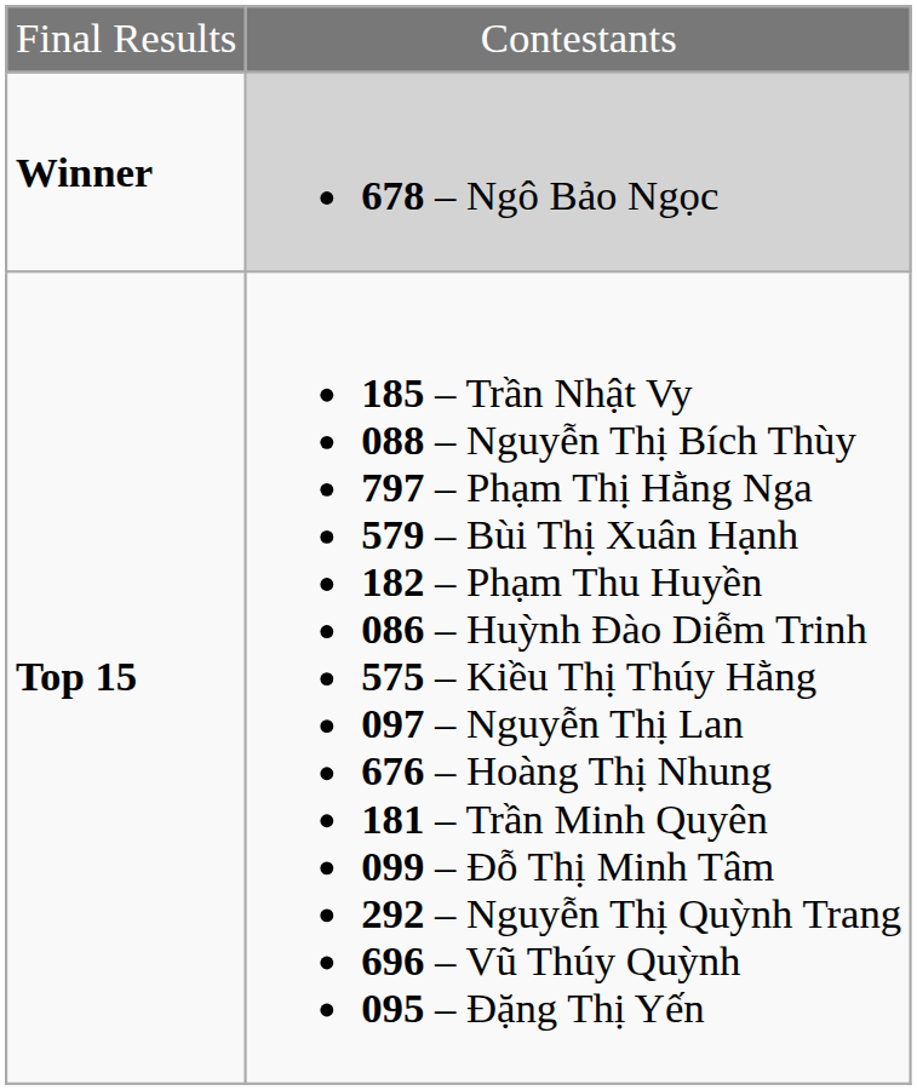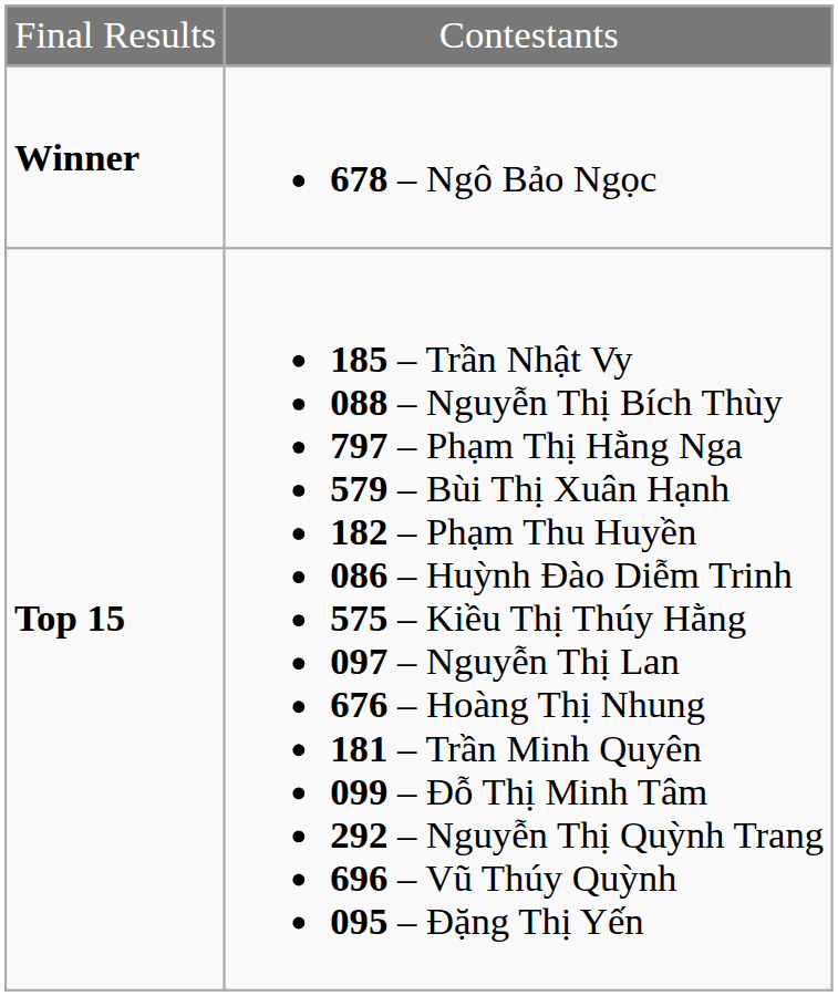 <table class="wikitable">
 <tr bgcolor="#787878" style="color:#FFFFFF" align="center">
 <td>Final Results</td>
 <td>Contestants</td>
 </tr>
 <tr>
 <td><strong>Winner</strong></td>
-<td style="background: lightgrey;"><br><ul><li><strong>678</strong> – Ngô Bảo Ngọc</li></ul></td>
+<td><br><ul><li><strong>678</strong> – Ngô Bảo Ngọc</li></ul></td>
 </tr>
 <tr>
 <td><strong>Top 15</strong></td>
 <td><br><ul><li><strong>185</strong> – Trần Nhật Vy</li><li><strong>088</strong> – Nguyễn Thị Bích Thùy</li><li><strong>797</strong> – Phạm Thị Hằng Nga</li><li><strong>579</strong> – Bùi Thị Xuân Hạnh</li><li><strong>182</strong> – Phạm Thu Huyền</li><li><strong>086</strong> – Huỳnh Đào Diễm Trinh</li><li><strong>575</strong> – Kiều Thị Thúy Hằng</li><li><strong>097</strong> – Nguyễn Thị Lan</li><li><strong>676</strong> – Hoàng Thị Nhung</li><li><strong>181</strong> – Trần Minh Quyên</li><li><strong>099</strong> – Đỗ Thị Minh Tâm</li><li><strong>292</strong> – Nguyễn Thị Quỳnh Trang</li><li><strong>696</strong> – Vũ Thúy Quỳnh</li><li><strong>095</strong> – Đặng Thị Yến</li></ul></td>
 </tr>
 </table>
